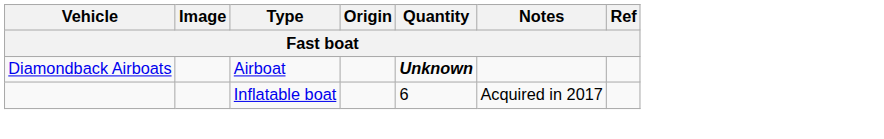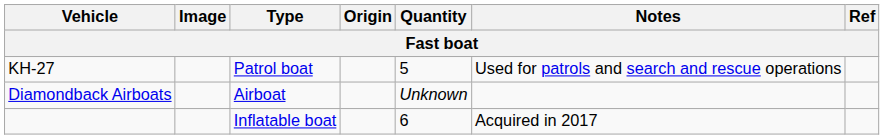 <table class="wikitable">
 <tr>
 <th>Vehicle</th>
 <th>Image</th>
 <th>Type</th>
 <th>Origin</th>
 <th>Quantity</th>
 <th>Notes</th>
 <th>Ref</th>
 </tr>
 <tr>
 <th colspan="7" style="align: center;">Fast boat</th>
 </tr>
 <tr>
+<td>KH-27</td>
+<td></td>
+<td><a href='#'>Patrol boat</a></td>
+<td></td>
+<td>5</td>
+<td>Used for <a href='#'>patrols</a> and <a href='#'>search and rescue</a> operations</td>
+<td></td>
+</tr>
+<tr>
 <td><a href='#'>Diamondback Airboats</a></td>
 <td></td>
 <td><a href='#'>Airboat</a></td>
 <td></td>
-<td><strong><em>Unknown</em></strong></td>
+<td><em>Unknown</em></td>
 <td></td>
 <td></td>
 </tr>
 <tr>
 <td></td>
 <td></td>
 <td><a href='#'>Inflatable boat</a></td>
 <td></td>
 <td>6</td>
 <td>Acquired in 2017</td>
 <td></td>
 </tr>
 </table>
